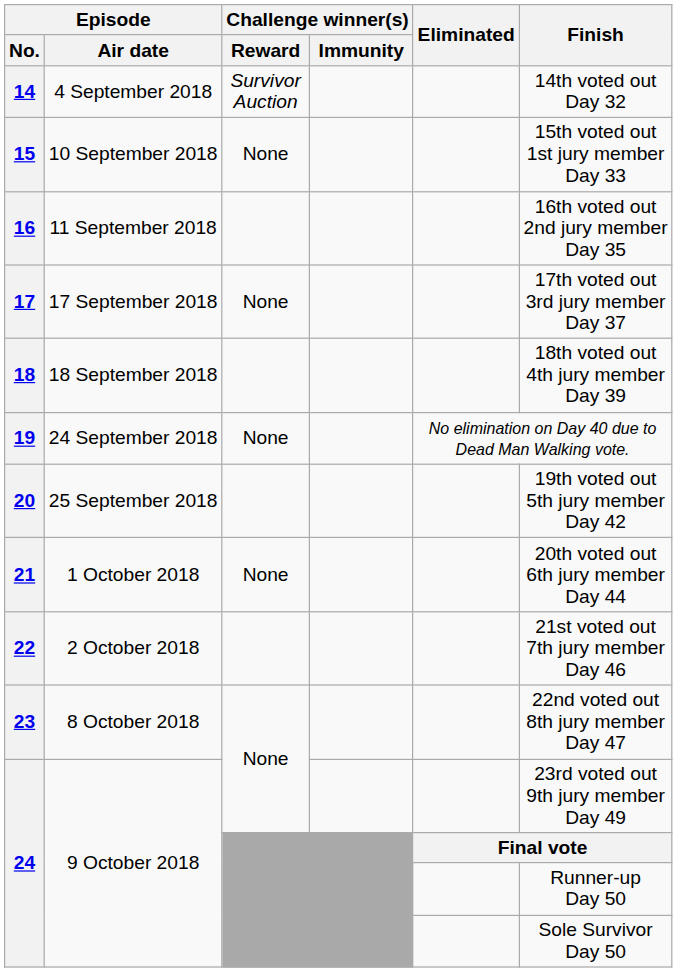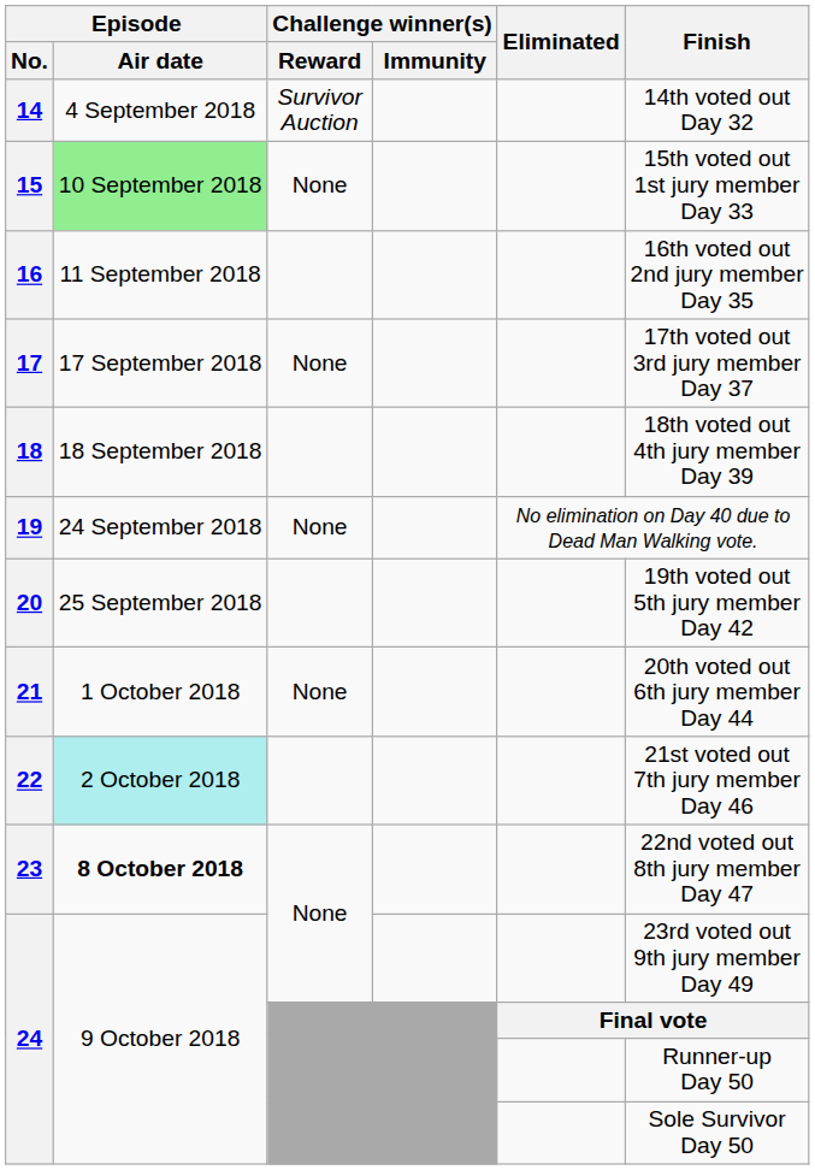 <table class="wikitable nowrap" style="text-align:center; font-size:100%">
 <tr>
 <th colspan="2">Episode</th>
 <th colspan="2">Challenge winner(s)</th>
 <th rowspan="2">Eliminated</th>
 <th rowspan="2">Finish</th>
 </tr>
 <tr>
 <th>No.</th>
 <th>Air date</th>
 <th>Reward</th>
 <th>Immunity</th>
 </tr>
 <tr>
 <th><a href='#'>14</a></th>
 <td>4 September 2018</td>
 <td><em>Survivor<br>Auction</em></td>
 <td></td>
 <td></td>
 <td>14th voted out<br>Day 32</td>
 </tr>
 <tr>
 <th><a href='#'>15</a></th>
-<td>10 September 2018</td>
+<td style="background: lightgreen;">10 September 2018</td>
 <td>None</td>
 <td></td>
 <td></td>
 <td>15th voted out<br>1st jury member<br>Day 33</td>
 </tr>
 <tr>
 <th><a href='#'>16</a></th>
 <td>11 September 2018</td>
 <td></td>
 <td></td>
 <td></td>
 <td>16th voted out<br>2nd jury member<br>Day 35</td>
 </tr>
 <tr>
 <th><a href='#'>17</a></th>
 <td>17 September 2018</td>
 <td>None</td>
 <td></td>
 <td></td>
 <td>17th voted out<br>3rd jury member<br>Day 37</td>
 </tr>
 <tr>
 <th><a href='#'>18</a></th>
 <td>18 September 2018</td>
 <td></td>
 <td></td>
 <td></td>
 <td>18th voted out<br>4th jury member<br>Day 39</td>
 </tr>
 <tr>
 <th><a href='#'>19</a></th>
 <td>24 September 2018</td>
 <td>None</td>
 <td></td>
 <td colspan="2"><small><em>No elimination on Day 40 due to<br>Dead Man Walking vote.</em></small></td>
 </tr>
 <tr>
 <th><a href='#'>20</a></th>
 <td>25 September 2018</td>
 <td></td>
 <td></td>
 <td></td>
 <td>19th voted out<br>5th jury member<br>Day 42</td>
 </tr>
 <tr>
 <th><a href='#'>21</a></th>
 <td>1 October 2018</td>
 <td>None</td>
 <td></td>
 <td></td>
 <td>20th voted out<br>6th jury member<br>Day 44</td>
 </tr>
 <tr>
 <th><a href='#'>22</a></th>
-<td>2 October 2018</td>
+<td style="background: paleturquoise;">2 October 2018</td>
 <td></td>
 <td></td>
 <td></td>
 <td>21st voted out<br>7th jury member<br>Day 46</td>
 </tr>
 <tr>
 <th><a href='#'>23</a></th>
-<td>8 October 2018</td>
+<td><strong>8 October 2018</strong></td>
 <td rowspan=2>None</td>
 <td></td>
 <td></td>
 <td>22nd voted out<br>8th jury member<br>Day 47</td>
 </tr>
 <tr>
 <th rowspan="4"><a href='#'>24</a></th>
 <td rowspan="4">9 October 2018</td>
 <td></td>
 <td></td>
 <td>23rd voted out<br>9th jury member<br>Day 49</td>
 </tr>
 <tr>
 <td rowspan="3" colspan="2" bgcolor="darkgray"></td>
 <th colspan="2"><strong>Final vote</strong></th>
 </tr>
 <tr>
 <td></td>
 <td>Runner-up<br>Day 50</td>
 </tr>
 <tr>
 <td></td>
 <td>Sole Survivor<br>Day 50</td>
 </tr>
 </table>
